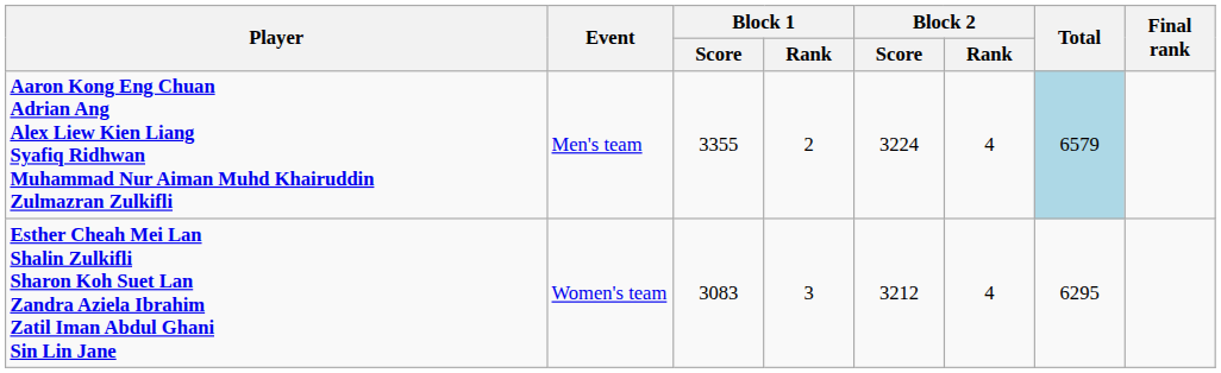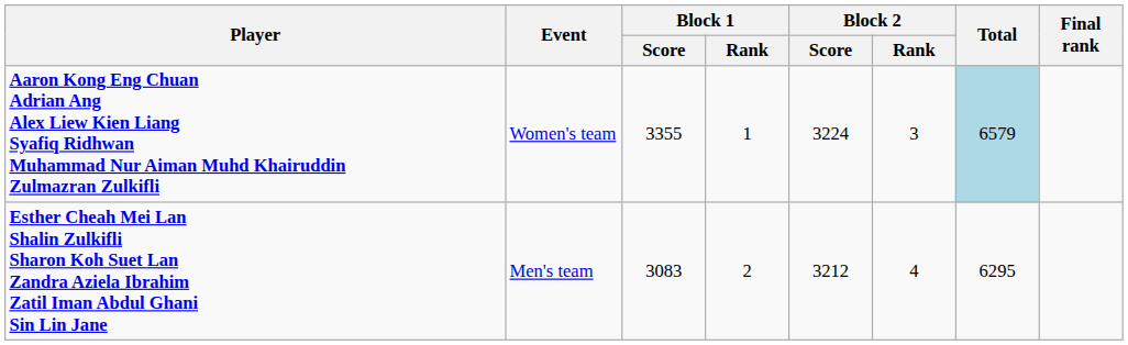 <table class="wikitable" width="70%" style="text-align:center; font-size:90%">
 <tr>
 <th rowspan=2 width="30%">Player</th>
 <th rowspan=2 width="7%">Event</th>
 <th colspan=2 width="10%">Block 1</th>
 <th colspan=2 width="10%">Block 2</th>
 <th rowspan=2 width="5%">Total</th>
 <th rowspan=2 width="5%">Final rank</th>
 </tr>
 <tr>
 <th width="5%">Score</th>
 <th width="5%">Rank</th>
 <th width="5%">Score</th>
 <th width="5%">Rank</th>
 </tr>
 <tr>
 <td align=left><strong><a href='#'>Aaron Kong Eng Chuan</a><br><a href='#'>Adrian Ang</a><br><a href='#'>Alex Liew Kien Liang</a><br><a href='#'>Syafiq Ridhwan</a><br><a href='#'>Muhammad Nur Aiman Muhd Khairuddin</a><br><a href='#'>Zulmazran Zulkifli</a></strong></td>
-<td align=left><a href='#'>Men's team</a></td>
+<td align=left><a href='#'>Women's team</a></td>
 <td>3355</td>
-<td>2</td>
+<td>1</td>
 <td>3224</td>
-<td>4</td>
+<td>3</td>
 <td style="background: lightblue;">6579</td>
 <td></td>
 </tr>
 <tr>
 <td align=left><strong><a href='#'>Esther Cheah Mei Lan</a><br><a href='#'>Shalin Zulkifli</a><br><a href='#'>Sharon Koh Suet Lan</a><br><a href='#'>Zandra Aziela Ibrahim</a><br><a href='#'>Zatil Iman Abdul Ghani</a><br><a href='#'>Sin Lin Jane</a></strong></td>
-<td align=left><a href='#'>Women's team</a></td>
+<td align=left><a href='#'>Men's team</a></td>
 <td>3083</td>
-<td>3</td>
+<td>2</td>
 <td>3212</td>
 <td>4</td>
 <td>6295</td>
 <td></td>
 </tr>
 </table>
